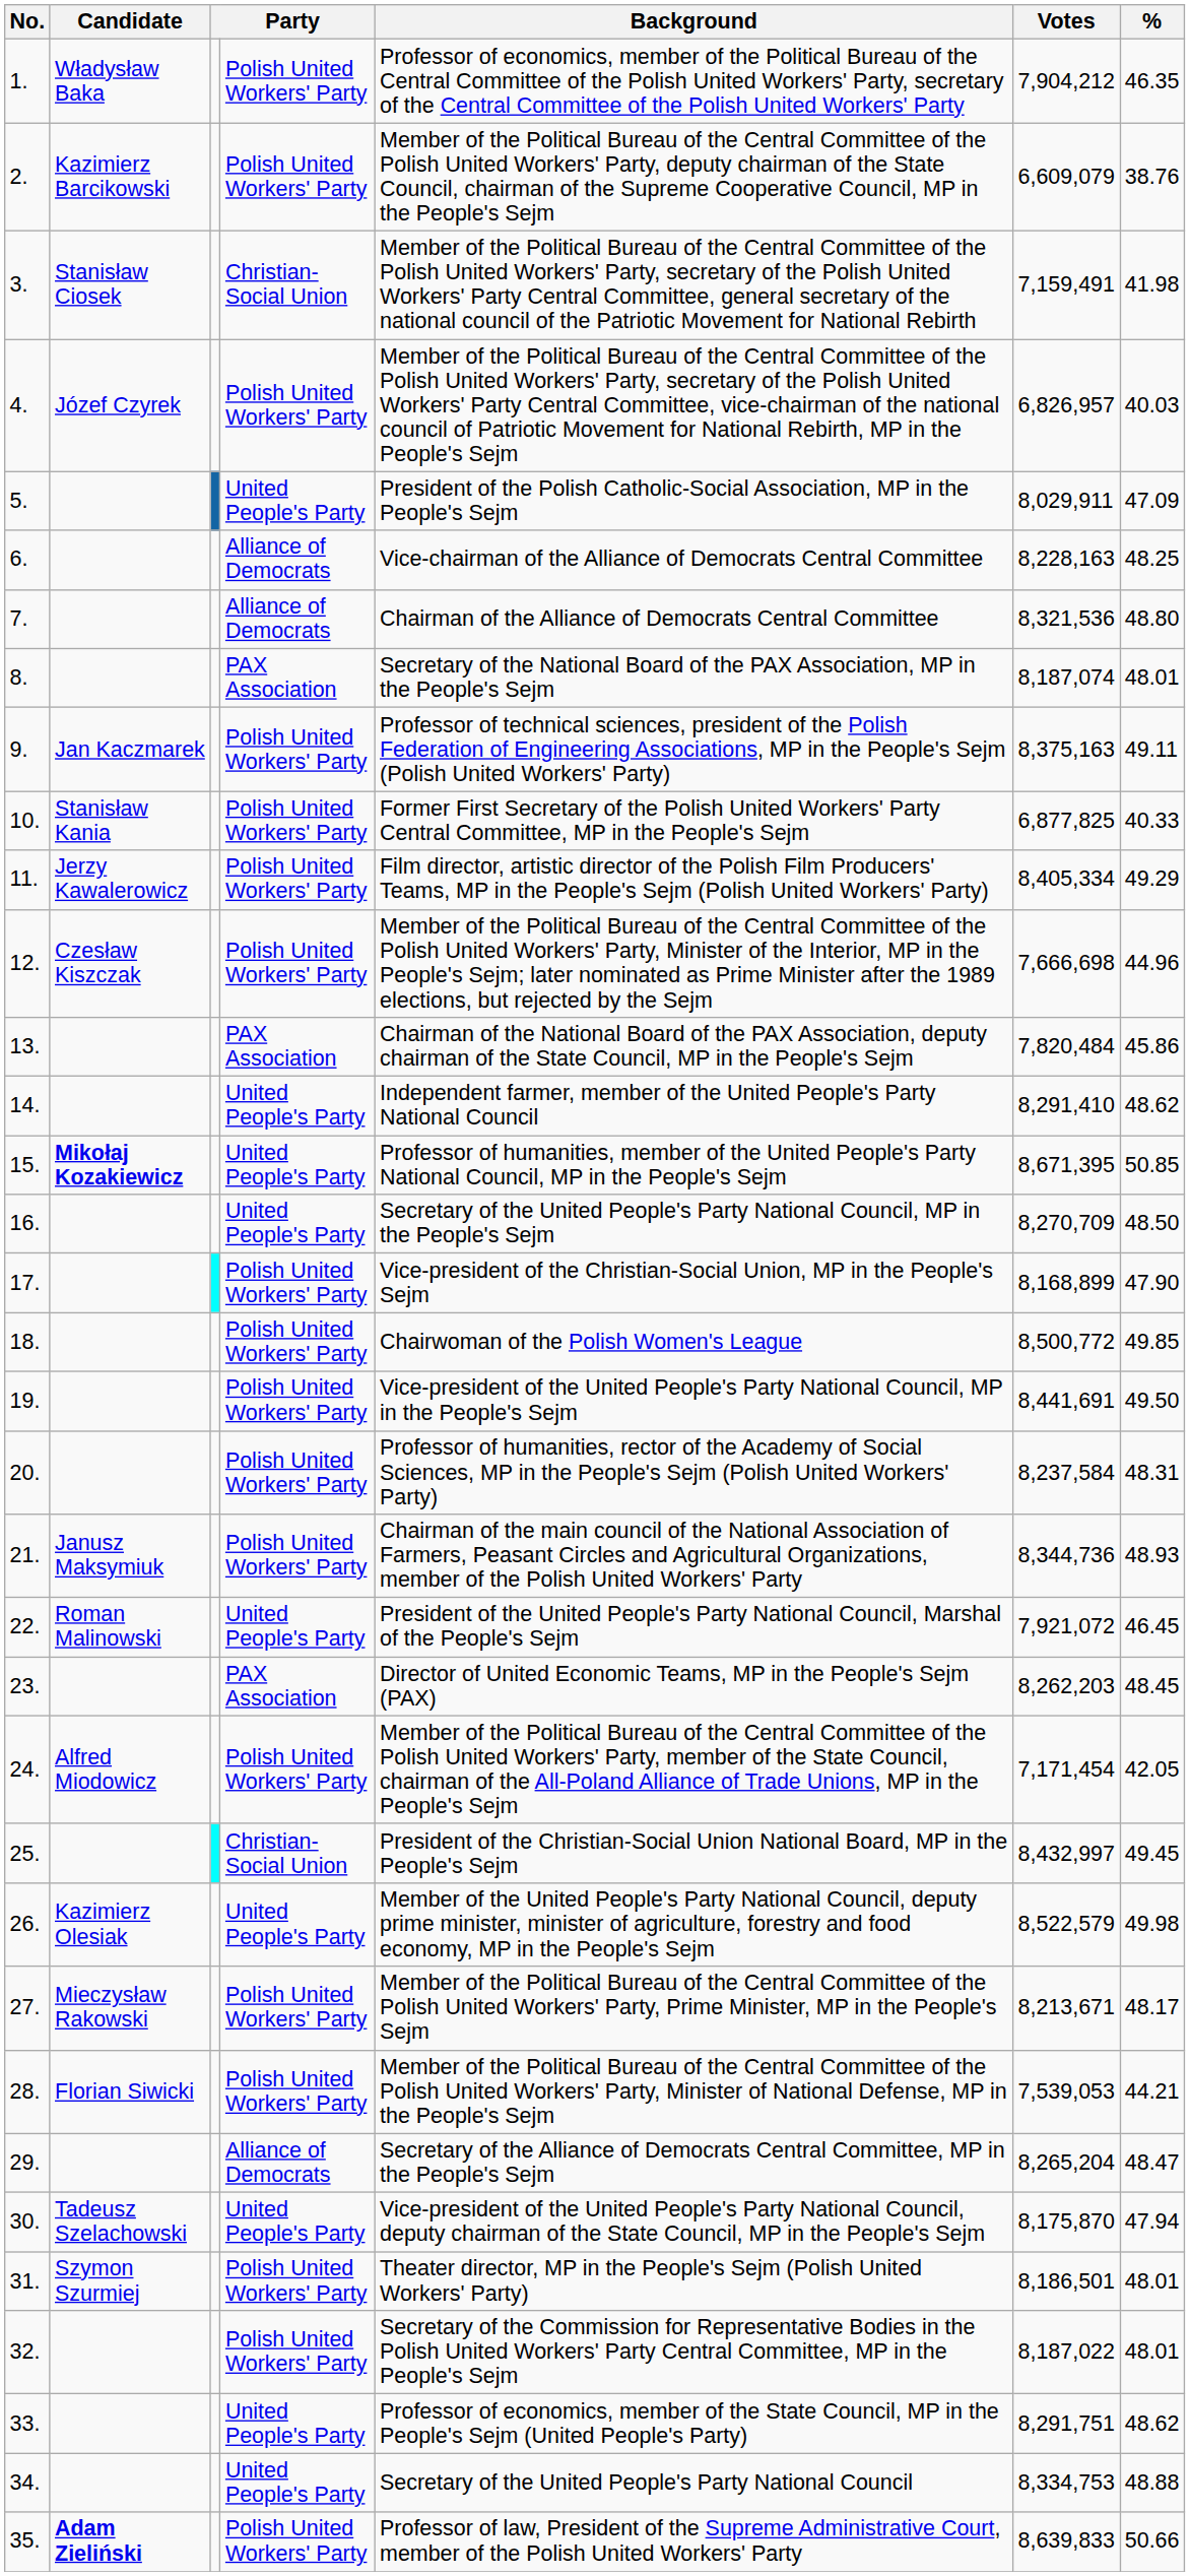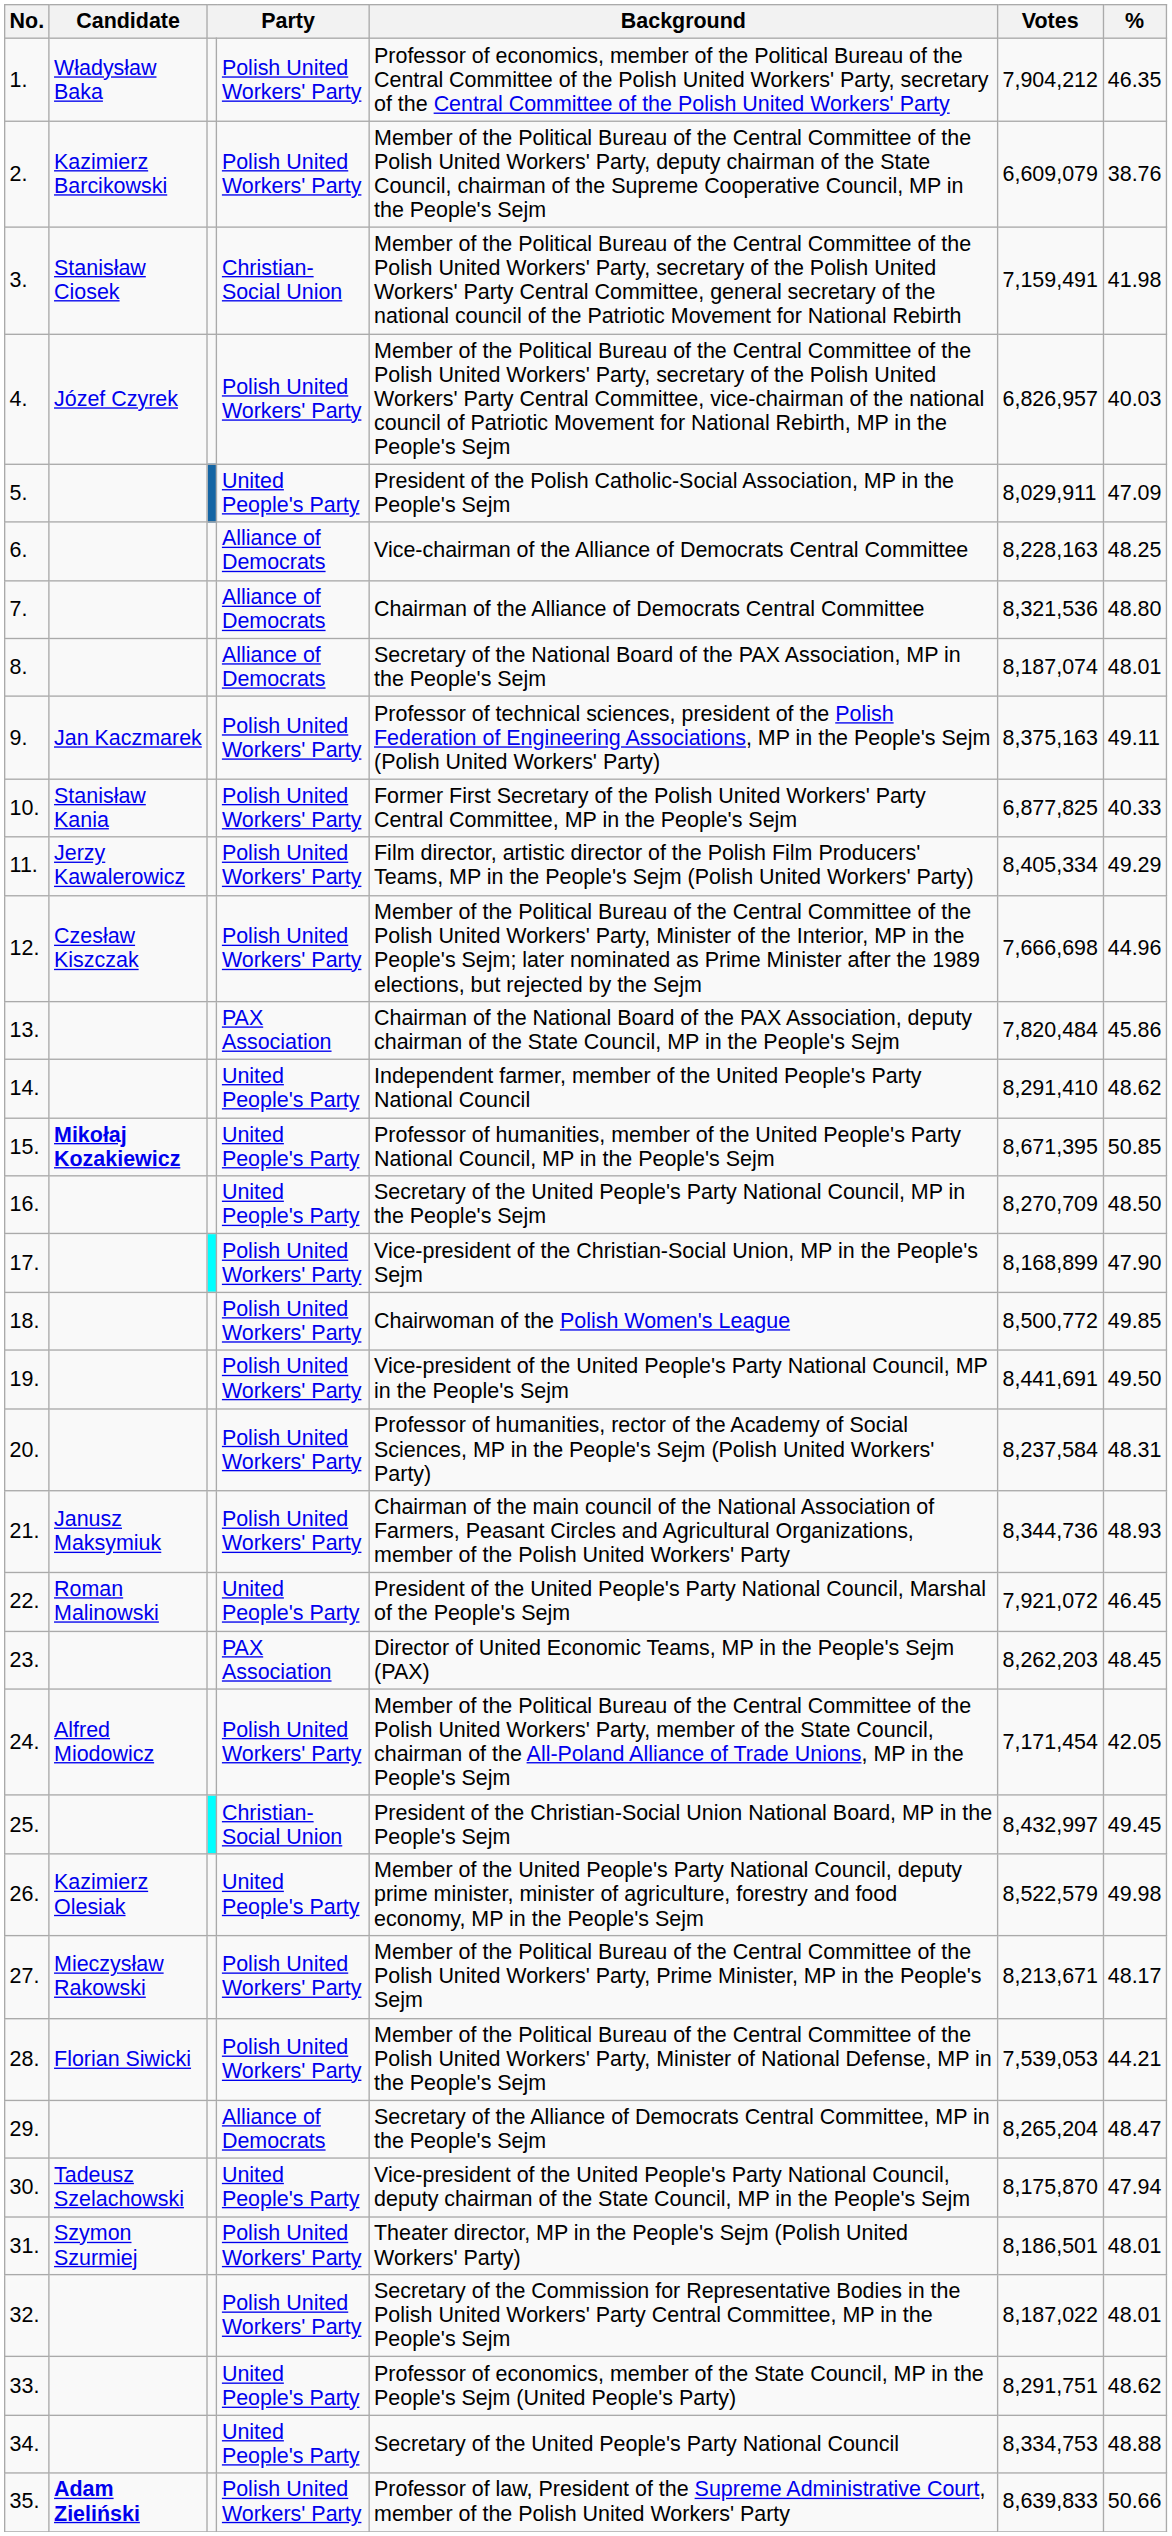 <table class="wikitable sortable">
 <tr>
 <th>No.</th>
 <th>Candidate</th>
 <th colspan=2>Party</th>
 <th>Background</th>
 <th>Votes</th>
 <th>%</th>
 </tr>
 <tr>
 <td>1.</td>
 <td><a href='#'>Władysław Baka</a></td>
 <td style="background:"></td>
 <td><a href='#'>Polish United Workers' Party</a></td>
 <td>Professor of economics, member of the Political Bureau of the Central Committee of the Polish United Workers' Party, secretary of the <a href='#'>Central Committee of the Polish United Workers' Party</a></td>
 <td>7,904,212</td>
 <td>46.35</td>
 </tr>
 <tr>
 <td>2.</td>
 <td><a href='#'>Kazimierz Barcikowski</a></td>
 <td style="background:"></td>
 <td><a href='#'>Polish United Workers' Party</a></td>
 <td>Member of the Political Bureau of the Central Committee of the Polish United Workers' Party, deputy chairman of the State Council, chairman of the Supreme Cooperative Council, MP in the People's Sejm</td>
 <td>6,609,079</td>
 <td>38.76</td>
 </tr>
 <tr>
 <td>3.</td>
 <td><a href='#'>Stanisław Ciosek</a></td>
 <td style="background:"></td>
 <td><a href='#'>Christian-Social Union</a></td>
 <td>Member of the Political Bureau of the Central Committee of the Polish United Workers' Party, secretary of the Polish United Workers' Party Central Committee, general secretary of the national council of the Patriotic Movement for National Rebirth</td>
 <td>7,159,491</td>
 <td>41.98</td>
 </tr>
 <tr>
 <td>4.</td>
 <td><a href='#'>Józef Czyrek</a></td>
 <td style="background:"></td>
 <td><a href='#'>Polish United Workers' Party</a></td>
 <td>Member of the Political Bureau of the Central Committee of the Polish United Workers' Party, secretary of the Polish United Workers' Party Central Committee, vice-chairman of the national council of Patriotic Movement for National Rebirth, MP in the People's Sejm</td>
 <td>6,826,957</td>
 <td>40.03</td>
 </tr>
 <tr>
 <td>5.</td>
 <td></td>
 <td style="background:#1465A4;"></td>
 <td><a href='#'>United People's Party</a></td>
 <td>President of the Polish Catholic-Social Association, MP in the People's Sejm</td>
 <td>8,029,911</td>
 <td>47.09</td>
 </tr>
 <tr>
 <td>6.</td>
 <td></td>
 <td style="background:"></td>
 <td><a href='#'>Alliance of Democrats</a></td>
 <td>Vice-chairman of the Alliance of Democrats Central Committee</td>
 <td>8,228,163</td>
 <td>48.25</td>
 </tr>
 <tr>
 <td>7.</td>
 <td></td>
 <td style="background:"></td>
 <td><a href='#'>Alliance of Democrats</a></td>
 <td>Chairman of the Alliance of Democrats Central Committee</td>
 <td>8,321,536</td>
 <td>48.80</td>
 </tr>
 <tr>
 <td>8.</td>
 <td></td>
 <td style="background:"></td>
-<td><a href='#'>PAX Association</a></td>
+<td><a href='#'>Alliance of Democrats</a></td>
 <td>Secretary of the National Board of the PAX Association, MP in the People's Sejm</td>
 <td>8,187,074</td>
 <td>48.01</td>
 </tr>
 <tr>
 <td>9.</td>
 <td><a href='#'>Jan Kaczmarek</a></td>
 <td style="background:"></td>
 <td><a href='#'>Polish United Workers' Party</a></td>
 <td>Professor of technical sciences, president of the <a href='#'>Polish Federation of Engineering Associations</a>, MP in the People's Sejm (Polish United Workers' Party)</td>
 <td>8,375,163</td>
 <td>49.11</td>
 </tr>
 <tr>
 <td>10.</td>
 <td><a href='#'>Stanisław Kania</a></td>
 <td style="background:"></td>
 <td><a href='#'>Polish United Workers' Party</a></td>
 <td>Former First Secretary of the Polish United Workers' Party Central Committee, MP in the People's Sejm</td>
 <td>6,877,825</td>
 <td>40.33</td>
 </tr>
 <tr>
 <td>11.</td>
 <td><a href='#'>Jerzy Kawalerowicz</a></td>
 <td style="background:"></td>
 <td><a href='#'>Polish United Workers' Party</a></td>
 <td>Film director, artistic director of the Polish Film Producers' Teams, MP in the People's Sejm (Polish United Workers' Party)</td>
 <td>8,405,334</td>
 <td>49.29</td>
 </tr>
 <tr>
 <td>12.</td>
 <td><a href='#'>Czesław Kiszczak</a></td>
 <td style="background:"></td>
 <td><a href='#'>Polish United Workers' Party</a></td>
 <td>Member of the Political Bureau of the Central Committee of the Polish United Workers' Party, Minister of the Interior, MP in the People's Sejm; later nominated as Prime Minister after the 1989 elections, but rejected by the Sejm</td>
 <td>7,666,698</td>
 <td>44.96</td>
 </tr>
 <tr>
 <td>13.</td>
 <td></td>
 <td style="background:"></td>
 <td><a href='#'>PAX Association</a></td>
 <td>Chairman of the National Board of the PAX Association, deputy chairman of the State Council, MP in the People's Sejm</td>
 <td>7,820,484</td>
 <td>45.86</td>
 </tr>
 <tr>
 <td>14.</td>
 <td></td>
 <td style="background:"></td>
 <td><a href='#'>United People's Party</a></td>
 <td>Independent farmer, member of the United People's Party National Council</td>
 <td>8,291,410</td>
 <td>48.62</td>
 </tr>
 <tr>
 <td>15.</td>
 <td><strong><a href='#'>Mikołaj Kozakiewicz</a></strong></td>
 <td style="background:"></td>
 <td><a href='#'>United People's Party</a></td>
 <td>Professor of humanities, member of the United People's Party National Council, MP in the People's Sejm</td>
 <td>8,671,395</td>
 <td>50.85</td>
 </tr>
 <tr>
 <td>16.</td>
 <td></td>
 <td style="background:"></td>
 <td><a href='#'>United People's Party</a></td>
 <td>Secretary of the United People's Party National Council, MP in the People's Sejm</td>
 <td>8,270,709</td>
 <td>48.50</td>
 </tr>
 <tr>
 <td>17.</td>
 <td></td>
 <td style="background:#00FFFF;"></td>
 <td><a href='#'>Polish United Workers' Party</a></td>
 <td>Vice-president of the Christian-Social Union, MP in the People's Sejm</td>
 <td>8,168,899</td>
 <td>47.90</td>
 </tr>
 <tr>
 <td>18.</td>
 <td></td>
 <td style="background:"></td>
 <td><a href='#'>Polish United Workers' Party</a></td>
 <td>Chairwoman of the <a href='#'>Polish Women's League</a></td>
 <td>8,500,772</td>
 <td>49.85</td>
 </tr>
 <tr>
 <td>19.</td>
 <td></td>
 <td style="background:"></td>
 <td><a href='#'>Polish United Workers' Party</a></td>
 <td>Vice-president of the United People's Party National Council, MP in the People's Sejm</td>
 <td>8,441,691</td>
 <td>49.50</td>
 </tr>
 <tr>
 <td>20.</td>
 <td></td>
 <td style="background:"></td>
 <td><a href='#'>Polish United Workers' Party</a></td>
 <td>Professor of humanities, rector of the Academy of Social Sciences, MP in the People's Sejm (Polish United Workers' Party)</td>
 <td>8,237,584</td>
 <td>48.31</td>
 </tr>
 <tr>
 <td>21.</td>
 <td><a href='#'>Janusz Maksymiuk</a></td>
 <td style="background:"></td>
 <td><a href='#'>Polish United Workers' Party</a></td>
 <td>Chairman of the main council of the National Association of Farmers, Peasant Circles and Agricultural Organizations, member of the Polish United Workers' Party</td>
 <td>8,344,736</td>
 <td>48.93</td>
 </tr>
 <tr>
 <td>22.</td>
 <td><a href='#'>Roman Malinowski</a></td>
 <td style="background:"></td>
 <td><a href='#'>United People's Party</a></td>
 <td>President of the United People's Party National Council, Marshal of the People's Sejm</td>
 <td>7,921,072</td>
 <td>46.45</td>
 </tr>
 <tr>
 <td>23.</td>
 <td></td>
 <td style="background:"></td>
 <td><a href='#'>PAX Association</a></td>
 <td>Director of United Economic Teams, MP in the People's Sejm (PAX)</td>
 <td>8,262,203</td>
 <td>48.45</td>
 </tr>
 <tr>
 <td>24.</td>
 <td><a href='#'>Alfred Miodowicz</a></td>
 <td style="background:"></td>
 <td><a href='#'>Polish United Workers' Party</a></td>
 <td>Member of the Political Bureau of the Central Committee of the Polish United Workers' Party, member of the State Council, chairman of the <a href='#'>All-Poland Alliance of Trade Unions</a>, MP in the People's Sejm</td>
 <td>7,171,454</td>
 <td>42.05</td>
 </tr>
 <tr>
 <td>25.</td>
 <td></td>
 <td style="background:#00FFFF;"></td>
 <td><a href='#'>Christian-Social Union</a></td>
 <td>President of the Christian-Social Union National Board, MP in the People's Sejm</td>
 <td>8,432,997</td>
 <td>49.45</td>
 </tr>
 <tr>
 <td>26.</td>
 <td><a href='#'>Kazimierz Olesiak</a></td>
 <td style="background:"></td>
 <td><a href='#'>United People's Party</a></td>
 <td>Member of the United People's Party National Council, deputy prime minister, minister of agriculture, forestry and food economy, MP in the People's Sejm</td>
 <td>8,522,579</td>
 <td>49.98</td>
 </tr>
 <tr>
 <td>27.</td>
 <td><a href='#'>Mieczysław Rakowski</a></td>
 <td style="background:"></td>
 <td><a href='#'>Polish United Workers' Party</a></td>
 <td>Member of the Political Bureau of the Central Committee of the Polish United Workers' Party, Prime Minister, MP in the People's Sejm</td>
 <td>8,213,671</td>
 <td>48.17</td>
 </tr>
 <tr>
 <td>28.</td>
 <td><a href='#'>Florian Siwicki</a></td>
 <td style="background:"></td>
 <td><a href='#'>Polish United Workers' Party</a></td>
 <td>Member of the Political Bureau of the Central Committee of the Polish United Workers' Party, Minister of National Defense, MP in the People's Sejm</td>
 <td>7,539,053</td>
 <td>44.21</td>
 </tr>
 <tr>
 <td>29.</td>
 <td></td>
 <td style="background:"></td>
 <td><a href='#'>Alliance of Democrats</a></td>
 <td>Secretary of the Alliance of Democrats Central Committee, MP in the People's Sejm</td>
 <td>8,265,204</td>
 <td>48.47</td>
 </tr>
 <tr>
 <td>30.</td>
 <td><a href='#'>Tadeusz Szelachowski</a></td>
 <td style="background:"></td>
 <td><a href='#'>United People's Party</a></td>
 <td>Vice-president of the United People's Party National Council, deputy chairman of the State Council, MP in the People's Sejm</td>
 <td>8,175,870</td>
 <td>47.94</td>
 </tr>
 <tr>
 <td>31.</td>
 <td><a href='#'>Szymon Szurmiej</a></td>
 <td style="background:"></td>
 <td><a href='#'>Polish United Workers' Party</a></td>
 <td>Theater director, MP in the People's Sejm (Polish United Workers' Party)</td>
 <td>8,186,501</td>
 <td>48.01</td>
 </tr>
 <tr>
 <td>32.</td>
 <td></td>
 <td style="background:"></td>
 <td><a href='#'>Polish United Workers' Party</a></td>
 <td>Secretary of the Commission for Representative Bodies in the Polish United Workers' Party Central Committee, MP in the People's Sejm</td>
 <td>8,187,022</td>
 <td>48.01</td>
 </tr>
 <tr>
 <td>33.</td>
 <td></td>
 <td style="background:"></td>
 <td><a href='#'>United People's Party</a></td>
 <td>Professor of economics, member of the State Council, MP in the People's Sejm (United People's Party)</td>
 <td>8,291,751</td>
 <td>48.62</td>
 </tr>
 <tr>
 <td>34.</td>
 <td></td>
 <td style="background:"></td>
 <td><a href='#'>United People's Party</a></td>
 <td>Secretary of the United People's Party National Council</td>
 <td>8,334,753</td>
 <td>48.88</td>
 </tr>
 <tr>
 <td>35.</td>
 <td><strong><a href='#'>Adam Zieliński</a></strong></td>
 <td style="background:"></td>
 <td><a href='#'>Polish United Workers' Party</a></td>
 <td>Professor of law, President of the <a href='#'>Supreme Administrative Court</a>, member of the Polish United Workers' Party</td>
 <td>8,639,833</td>
 <td>50.66</td>
 </tr>
 </table>
